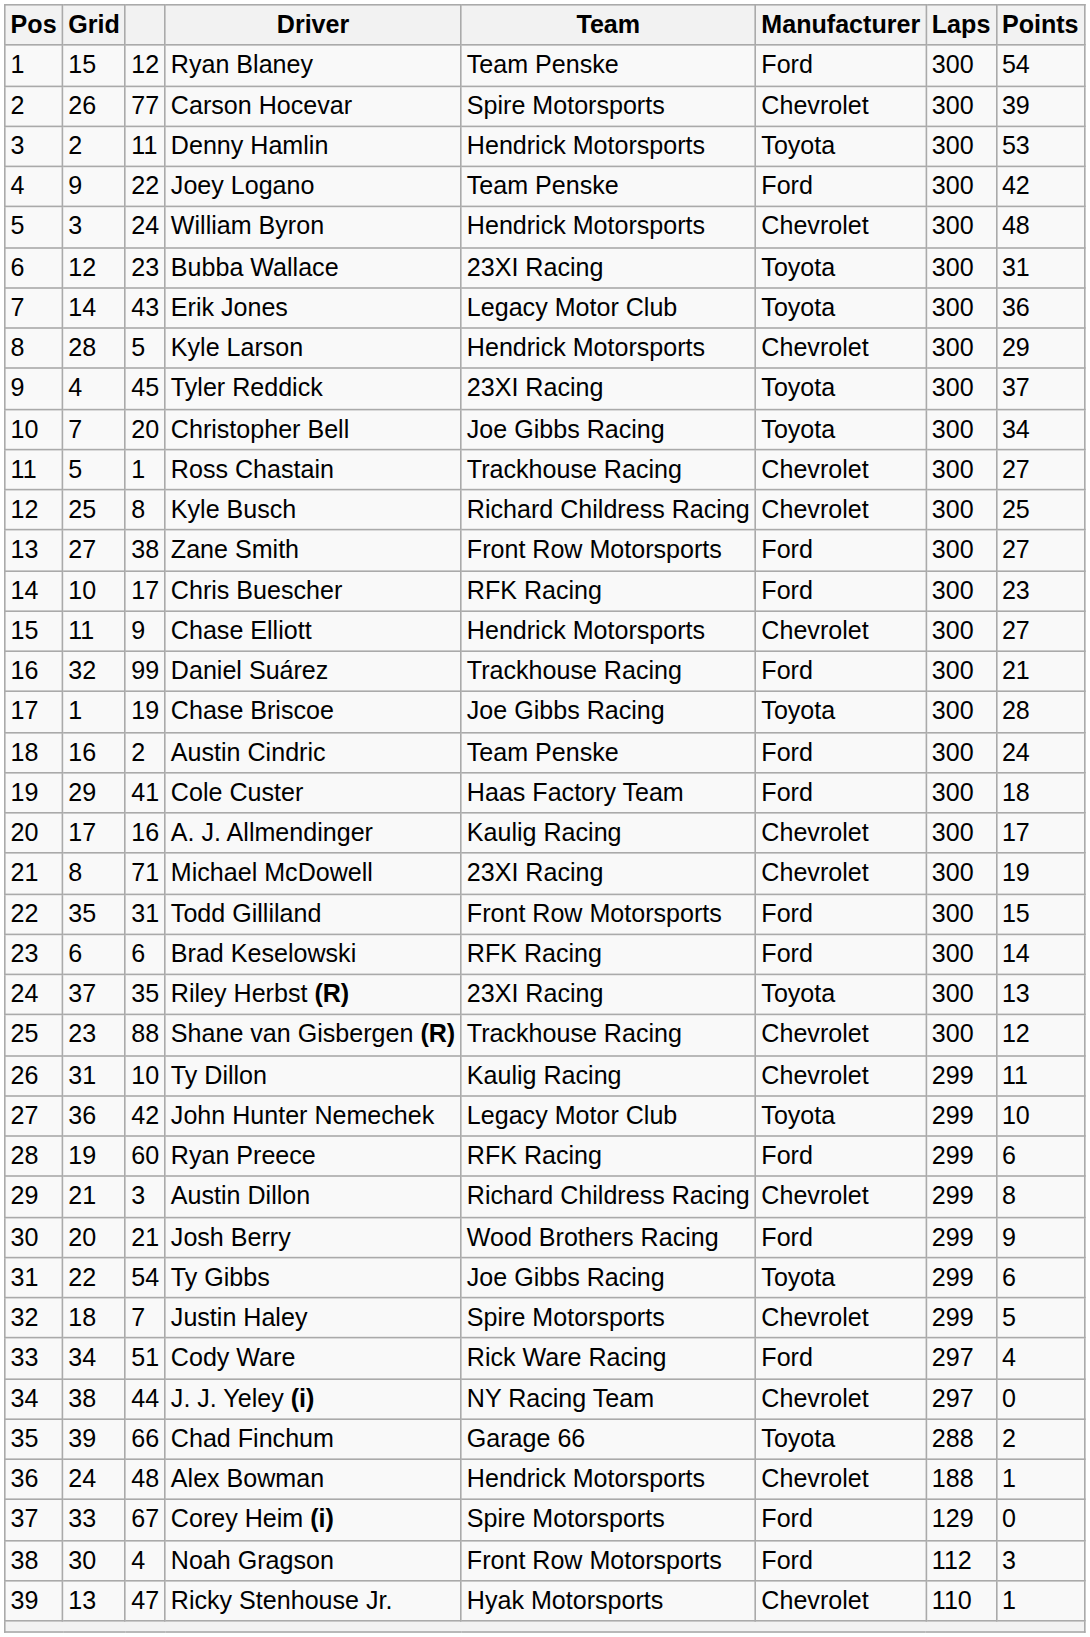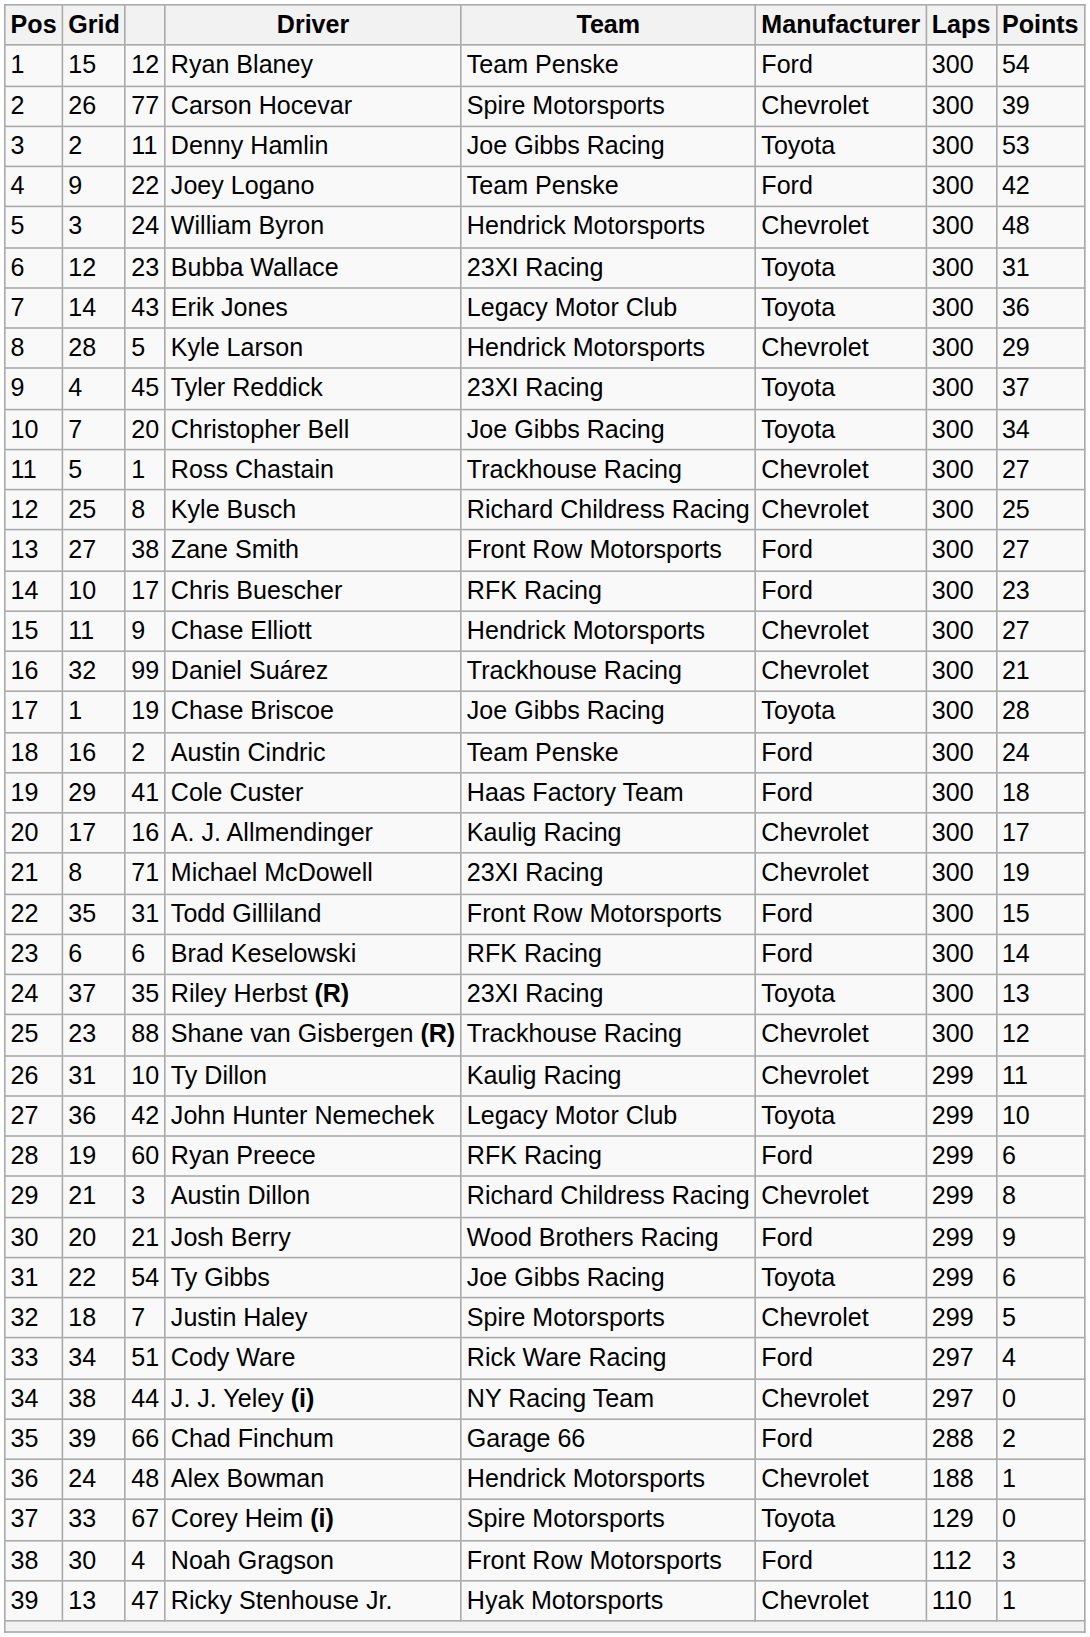 <table class="wikitable" style="font-size:98%">
 <tr>
 <th>Pos</th>
 <th>Grid</th>
 <th></th>
 <th>Driver</th>
 <th>Team</th>
 <th>Manufacturer</th>
 <th>Laps</th>
 <th>Points</th>
 </tr>
 <tr>
 <td>1</td>
 <td>15</td>
 <td>12</td>
 <td>Ryan Blaney</td>
 <td>Team Penske</td>
 <td>Ford</td>
 <td>300</td>
 <td>54</td>
 </tr>
 <tr>
 <td>2</td>
 <td>26</td>
 <td>77</td>
 <td>Carson Hocevar</td>
 <td>Spire Motorsports</td>
 <td>Chevrolet</td>
 <td>300</td>
 <td>39</td>
 </tr>
 <tr>
 <td>3</td>
 <td>2</td>
 <td>11</td>
 <td>Denny Hamlin</td>
-<td>Hendrick Motorsports</td>
+<td>Joe Gibbs Racing</td>
 <td>Toyota</td>
 <td>300</td>
 <td>53</td>
 </tr>
 <tr>
 <td>4</td>
 <td>9</td>
 <td>22</td>
 <td>Joey Logano</td>
 <td>Team Penske</td>
 <td>Ford</td>
 <td>300</td>
 <td>42</td>
 </tr>
 <tr>
 <td>5</td>
 <td>3</td>
 <td>24</td>
 <td>William Byron</td>
 <td>Hendrick Motorsports</td>
 <td>Chevrolet</td>
 <td>300</td>
 <td>48</td>
 </tr>
 <tr>
 <td>6</td>
 <td>12</td>
 <td>23</td>
 <td>Bubba Wallace</td>
 <td>23XI Racing</td>
 <td>Toyota</td>
 <td>300</td>
 <td>31</td>
 </tr>
 <tr>
 <td>7</td>
 <td>14</td>
 <td>43</td>
 <td>Erik Jones</td>
 <td>Legacy Motor Club</td>
 <td>Toyota</td>
 <td>300</td>
 <td>36</td>
 </tr>
 <tr>
 <td>8</td>
 <td>28</td>
 <td>5</td>
 <td>Kyle Larson</td>
 <td>Hendrick Motorsports</td>
 <td>Chevrolet</td>
 <td>300</td>
 <td>29</td>
 </tr>
 <tr>
 <td>9</td>
 <td>4</td>
 <td>45</td>
 <td>Tyler Reddick</td>
 <td>23XI Racing</td>
 <td>Toyota</td>
 <td>300</td>
 <td>37</td>
 </tr>
 <tr>
 <td>10</td>
 <td>7</td>
 <td>20</td>
 <td>Christopher Bell</td>
 <td>Joe Gibbs Racing</td>
 <td>Toyota</td>
 <td>300</td>
 <td>34</td>
 </tr>
 <tr>
 <td>11</td>
 <td>5</td>
 <td>1</td>
 <td>Ross Chastain</td>
 <td>Trackhouse Racing</td>
 <td>Chevrolet</td>
 <td>300</td>
 <td>27</td>
 </tr>
 <tr>
 <td>12</td>
 <td>25</td>
 <td>8</td>
 <td>Kyle Busch</td>
 <td>Richard Childress Racing</td>
 <td>Chevrolet</td>
 <td>300</td>
 <td>25</td>
 </tr>
 <tr>
 <td>13</td>
 <td>27</td>
 <td>38</td>
 <td>Zane Smith</td>
 <td>Front Row Motorsports</td>
 <td>Ford</td>
 <td>300</td>
 <td>27</td>
 </tr>
 <tr>
 <td>14</td>
 <td>10</td>
 <td>17</td>
 <td>Chris Buescher</td>
 <td>RFK Racing</td>
 <td>Ford</td>
 <td>300</td>
 <td>23</td>
 </tr>
 <tr>
 <td>15</td>
 <td>11</td>
 <td>9</td>
 <td>Chase Elliott</td>
 <td>Hendrick Motorsports</td>
 <td>Chevrolet</td>
 <td>300</td>
 <td>27</td>
 </tr>
 <tr>
 <td>16</td>
 <td>32</td>
 <td>99</td>
 <td>Daniel Suárez</td>
 <td>Trackhouse Racing</td>
-<td>Ford</td>
+<td>Chevrolet</td>
 <td>300</td>
 <td>21</td>
 </tr>
 <tr>
 <td>17</td>
 <td>1</td>
 <td>19</td>
 <td>Chase Briscoe</td>
 <td>Joe Gibbs Racing</td>
 <td>Toyota</td>
 <td>300</td>
 <td>28</td>
 </tr>
 <tr>
 <td>18</td>
 <td>16</td>
 <td>2</td>
 <td>Austin Cindric</td>
 <td>Team Penske</td>
 <td>Ford</td>
 <td>300</td>
 <td>24</td>
 </tr>
 <tr>
 <td>19</td>
 <td>29</td>
 <td>41</td>
 <td>Cole Custer</td>
 <td>Haas Factory Team</td>
 <td>Ford</td>
 <td>300</td>
 <td>18</td>
 </tr>
 <tr>
 <td>20</td>
 <td>17</td>
 <td>16</td>
 <td>A. J. Allmendinger</td>
 <td>Kaulig Racing</td>
 <td>Chevrolet</td>
 <td>300</td>
 <td>17</td>
 </tr>
 <tr>
 <td>21</td>
 <td>8</td>
 <td>71</td>
 <td>Michael McDowell</td>
 <td>23XI Racing</td>
 <td>Chevrolet</td>
 <td>300</td>
 <td>19</td>
 </tr>
 <tr>
 <td>22</td>
 <td>35</td>
 <td>31</td>
 <td>Todd Gilliland</td>
 <td>Front Row Motorsports</td>
 <td>Ford</td>
 <td>300</td>
 <td>15</td>
 </tr>
 <tr>
 <td>23</td>
 <td>6</td>
 <td>6</td>
 <td>Brad Keselowski</td>
 <td>RFK Racing</td>
 <td>Ford</td>
 <td>300</td>
 <td>14</td>
 </tr>
 <tr>
 <td>24</td>
 <td>37</td>
 <td>35</td>
 <td>Riley Herbst <strong>(R)</strong></td>
 <td>23XI Racing</td>
 <td>Toyota</td>
 <td>300</td>
 <td>13</td>
 </tr>
 <tr>
 <td>25</td>
 <td>23</td>
 <td>88</td>
 <td>Shane van Gisbergen <strong>(R)</strong></td>
 <td>Trackhouse Racing</td>
 <td>Chevrolet</td>
 <td>300</td>
 <td>12</td>
 </tr>
 <tr>
 <td>26</td>
 <td>31</td>
 <td>10</td>
 <td>Ty Dillon</td>
 <td>Kaulig Racing</td>
 <td>Chevrolet</td>
 <td>299</td>
 <td>11</td>
 </tr>
 <tr>
 <td>27</td>
 <td>36</td>
 <td>42</td>
 <td>John Hunter Nemechek</td>
 <td>Legacy Motor Club</td>
 <td>Toyota</td>
 <td>299</td>
 <td>10</td>
 </tr>
 <tr>
 <td>28</td>
 <td>19</td>
 <td>60</td>
 <td>Ryan Preece</td>
 <td>RFK Racing</td>
 <td>Ford</td>
 <td>299</td>
 <td>6</td>
 </tr>
 <tr>
 <td>29</td>
 <td>21</td>
 <td>3</td>
 <td>Austin Dillon</td>
 <td>Richard Childress Racing</td>
 <td>Chevrolet</td>
 <td>299</td>
 <td>8</td>
 </tr>
 <tr>
 <td>30</td>
 <td>20</td>
 <td>21</td>
 <td>Josh Berry</td>
 <td>Wood Brothers Racing</td>
 <td>Ford</td>
 <td>299</td>
 <td>9</td>
 </tr>
 <tr>
 <td>31</td>
 <td>22</td>
 <td>54</td>
 <td>Ty Gibbs</td>
 <td>Joe Gibbs Racing</td>
 <td>Toyota</td>
 <td>299</td>
 <td>6</td>
 </tr>
 <tr>
 <td>32</td>
 <td>18</td>
 <td>7</td>
 <td>Justin Haley</td>
 <td>Spire Motorsports</td>
 <td>Chevrolet</td>
 <td>299</td>
 <td>5</td>
 </tr>
 <tr>
 <td>33</td>
 <td>34</td>
 <td>51</td>
 <td>Cody Ware</td>
 <td>Rick Ware Racing</td>
 <td>Ford</td>
 <td>297</td>
 <td>4</td>
 </tr>
 <tr>
 <td>34</td>
 <td>38</td>
 <td>44</td>
 <td>J. J. Yeley <strong>(i)</strong></td>
 <td>NY Racing Team</td>
 <td>Chevrolet</td>
 <td>297</td>
 <td>0</td>
 </tr>
 <tr>
 <td>35</td>
 <td>39</td>
 <td>66</td>
 <td>Chad Finchum</td>
 <td>Garage 66</td>
-<td>Toyota</td>
+<td>Ford</td>
 <td>288</td>
 <td>2</td>
 </tr>
 <tr>
 <td>36</td>
 <td>24</td>
 <td>48</td>
 <td>Alex Bowman</td>
 <td>Hendrick Motorsports</td>
 <td>Chevrolet</td>
 <td>188</td>
 <td>1</td>
 </tr>
 <tr>
 <td>37</td>
 <td>33</td>
 <td>67</td>
 <td>Corey Heim <strong>(i)</strong></td>
 <td>Spire Motorsports</td>
-<td>Ford</td>
+<td>Toyota</td>
 <td>129</td>
 <td>0</td>
 </tr>
 <tr>
 <td>38</td>
 <td>30</td>
 <td>4</td>
 <td>Noah Gragson</td>
 <td>Front Row Motorsports</td>
 <td>Ford</td>
 <td>112</td>
 <td>3</td>
 </tr>
 <tr>
 <td>39</td>
 <td>13</td>
 <td>47</td>
 <td>Ricky Stenhouse Jr.</td>
 <td>Hyak Motorsports</td>
 <td>Chevrolet</td>
 <td>110</td>
 <td>1</td>
 </tr>
 <tr>
 <th colspan="8"></th>
 </tr>
 </table>
